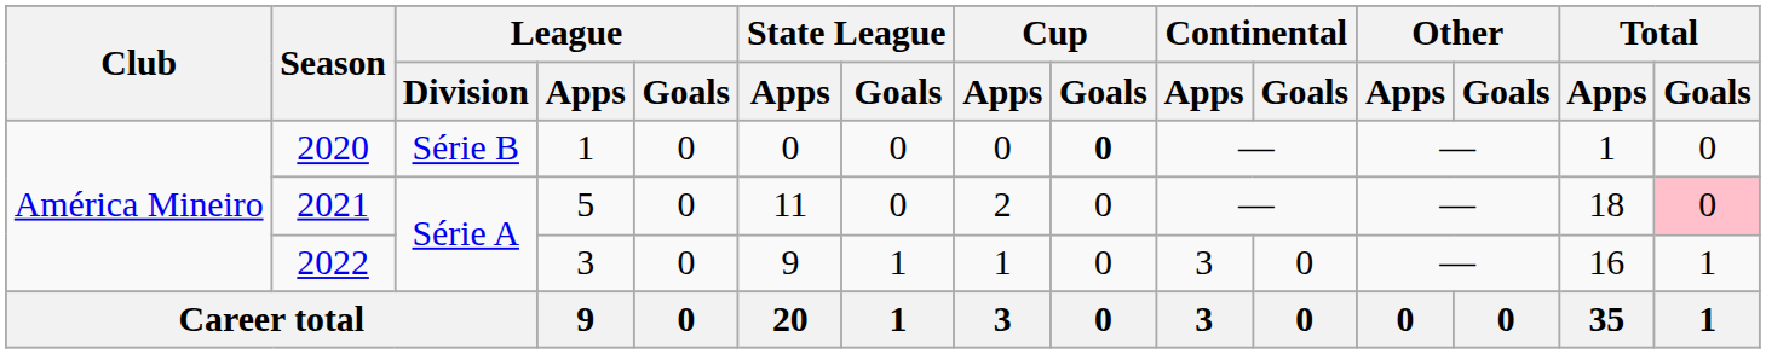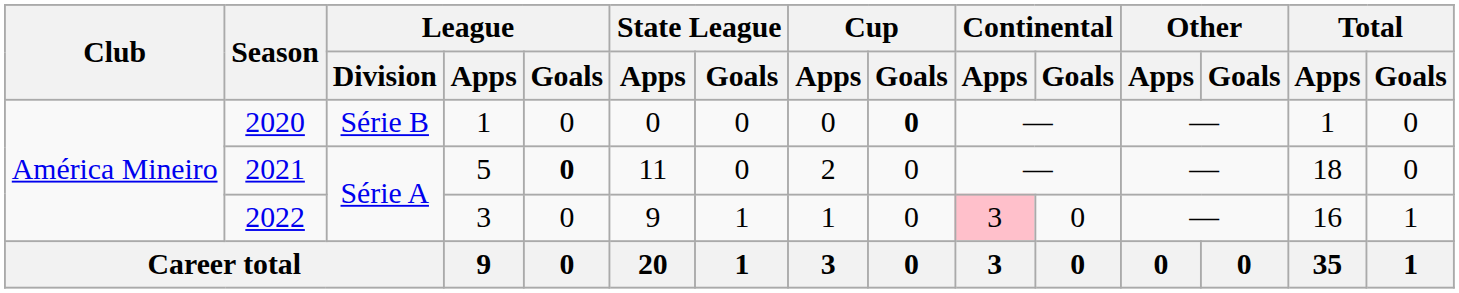 <table class="wikitable" style="text-align: center;">
 <tr>
 <th rowspan="2">Club</th>
 <th rowspan="2">Season</th>
 <th colspan="3">League</th>
 <th colspan="2">State League</th>
 <th colspan="2">Cup</th>
 <th colspan="2">Continental</th>
 <th colspan="2">Other</th>
 <th colspan="2">Total</th>
 </tr>
 <tr>
 <th>Division</th>
 <th>Apps</th>
 <th>Goals</th>
 <th>Apps</th>
 <th>Goals</th>
 <th>Apps</th>
 <th>Goals</th>
 <th>Apps</th>
 <th>Goals</th>
 <th>Apps</th>
 <th>Goals</th>
 <th>Apps</th>
 <th>Goals</th>
 </tr>
 <tr>
 <td rowspan=3><a href='#'>América Mineiro</a></td>
 <td><a href='#'>2020</a></td>
 <td><a href='#'>Série B</a></td>
 <td>1</td>
 <td>0</td>
 <td>0</td>
 <td>0</td>
 <td>0</td>
 <td><strong>0</strong></td>
 <td colspan=2>—</td>
 <td colspan=2>—</td>
 <td>1</td>
 <td>0</td>
 </tr>
 <tr>
 <td><a href='#'>2021</a></td>
 <td rowspan=2><a href='#'>Série A</a></td>
 <td>5</td>
-<td>0</td>
+<td><strong>0</strong></td>
 <td>11</td>
 <td>0</td>
 <td>2</td>
 <td>0</td>
 <td colspan=2>—</td>
 <td colspan=2>—</td>
 <td>18</td>
-<td style="background: pink;">0</td>
+<td>0</td>
 </tr>
 <tr>
 <td><a href='#'>2022</a></td>
 <td>3</td>
 <td>0</td>
 <td>9</td>
 <td>1</td>
 <td>1</td>
 <td>0</td>
-<td>3</td>
+<td style="background: pink;">3</td>
 <td>0</td>
 <td colspan=2>—</td>
 <td>16</td>
 <td>1</td>
 </tr>
 <tr>
 <th colspan=3><strong>Career total</strong></th>
 <th>9</th>
 <th>0</th>
 <th>20</th>
 <th>1</th>
 <th>3</th>
 <th>0</th>
 <th>3</th>
 <th>0</th>
 <th>0</th>
 <th>0</th>
 <th>35</th>
 <th>1</th>
 </tr>
 </table>
